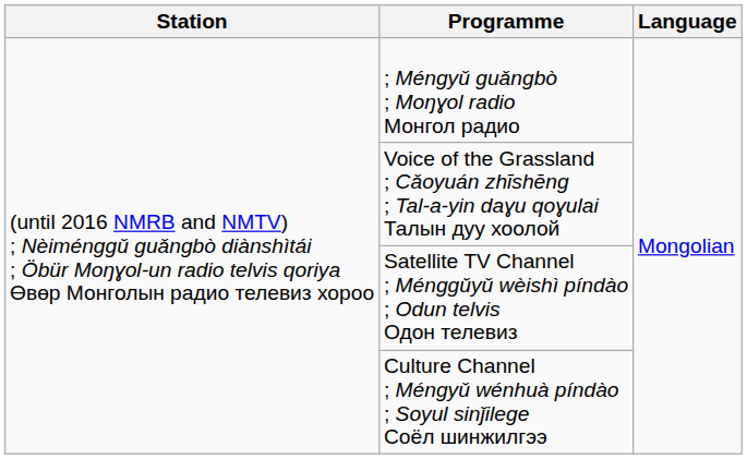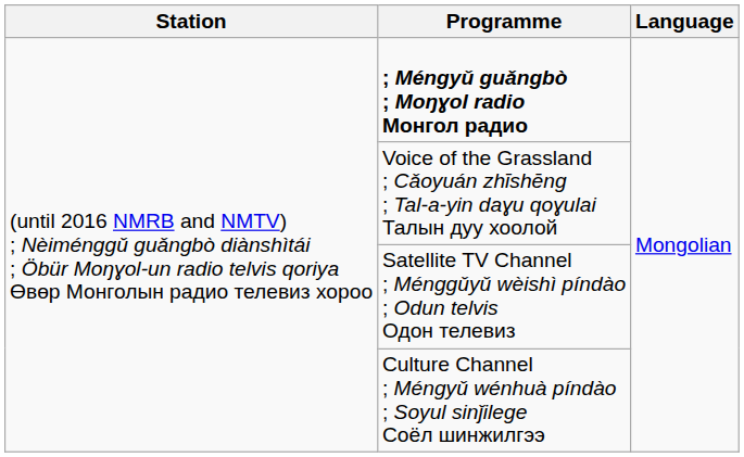 <table border="1" class="wikitable">
 <tr>
 <th>Station</th>
 <th>Programme</th>
 <th>Language</th>
 </tr>
 <tr>
 <td rowspan="4"><strong></strong><br>(until 2016 <a href='#'>NMRB</a> and <a href='#'>NMTV</a>)<br> ; <em>Nèiménggǔ guǎngbò diànshìtái</em><br> ; <em>Öbür Moŋɣol-un radio telvis qoriy᠎a</em><br>Өвөр Монголын радио телевиз хороо</td>
-<td><br> ; <em>Méngyǔ guǎngbò</em><br> ; <em>Moŋɣol radio</em><br>Монгол радио</td>
+<td><strong><br> ; <em>Méngyǔ guǎngbò</em><br> ; <em>Moŋɣol radio</em><br>Монгол радио</strong></td>
 <td rowspan="4"><a href='#'>Mongolian</a></td>
 </tr>
 <tr>
 <td>Voice of the Grassland<br> ; <em>Cǎoyuán zhīshēng</em><br> ; <em>Tal-a-yin daɣu qoɣulai</em><br>Талын дуу хоолой</td>
 </tr>
 <tr>
 <td>Satellite TV Channel<br> ; <em>Ménggǔyǔ wèishì píndào</em><br> ; <em>Odun telvis</em><br>Одон телевиз</td>
 </tr>
 <tr>
 <td>Culture Channel<br> ; <em>Méngyǔ wénhuà píndào</em><br> ; <em>Soyul sinǰilege</em><br>Соёл шинжилгээ</td>
 </tr>
 </table>
